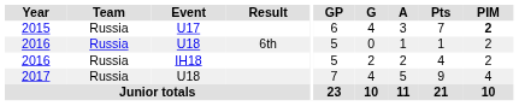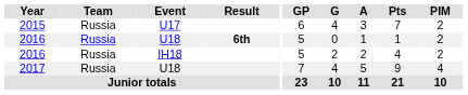 <table border="0" cellpadding="1" cellspacing="0" ID="Table3" style="text-align:center; width:40em">
 <tr ALIGN="center" bgcolor="#e0e0e0">
 <th>Year</th>
 <th>Team</th>
 <th>Event</th>
 <th>Result</th>
 <th rowspan="99" bgcolor="#ffffff"></th>
 <th>GP</th>
 <th>G</th>
 <th>A</th>
 <th>Pts</th>
 <th>PIM</th>
 </tr>
 <tr>
 <td><a href='#'>2015</a></td>
 <td>Russia</td>
 <td><a href='#'>U17</a></td>
 <td></td>
 <td>6</td>
 <td>4</td>
 <td>3</td>
 <td>7</td>
-<td><strong>2</strong></td>
+<td>2</td>
 </tr>
 <tr bgcolor="#f0f0f0">
 <td><a href='#'>2016</a></td>
 <td><a href='#'>Russia</a></td>
 <td><a href='#'>U18</a></td>
-<td>6th</td>
+<td><strong>6th</strong></td>
 <td>5</td>
 <td>0</td>
 <td>1</td>
 <td>1</td>
 <td>2</td>
 </tr>
 <tr>
 <td><a href='#'>2016</a></td>
 <td>Russia</td>
 <td><a href='#'>IH18</a></td>
 <td></td>
 <td>5</td>
 <td>2</td>
 <td>2</td>
 <td>4</td>
 <td>2</td>
 </tr>
 <tr bgcolor="#f0f0f0">
 <td><a href='#'>2017</a></td>
 <td>Russia</td>
 <td>U18</td>
 <td></td>
 <td>7</td>
 <td>4</td>
 <td>5</td>
 <td>9</td>
 <td>4</td>
 </tr>
 <tr ALIGN="center" bgcolor="#e0e0e0">
 <th colspan=4>Junior totals</th>
 <th>23</th>
 <th>10</th>
 <th>11</th>
 <th>21</th>
 <th>10</th>
 </tr>
 </table>
